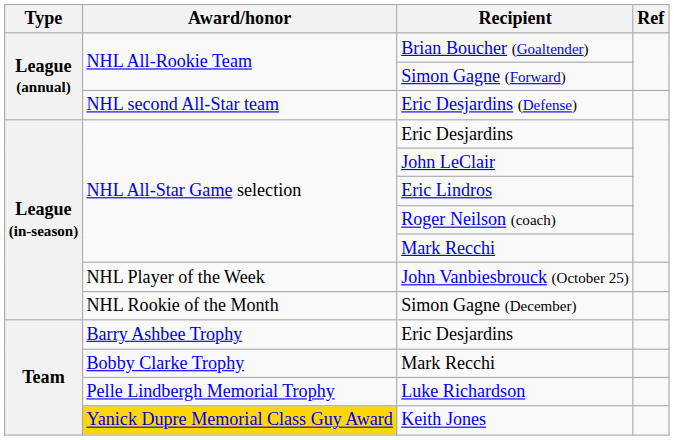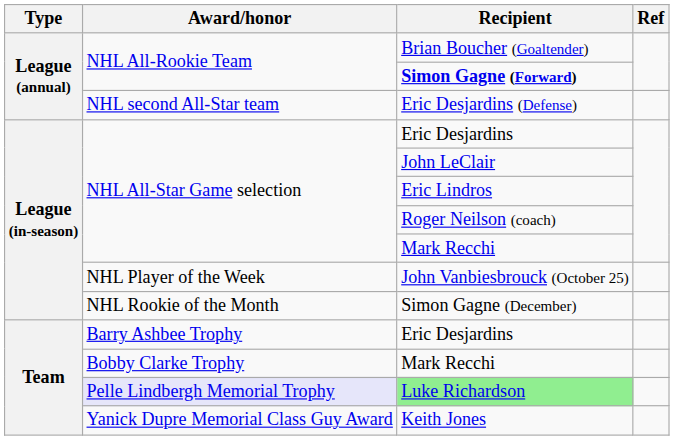 <table class="wikitable">
 <tr>
 <th scope="col">Type</th>
 <th scope="col">Award/honor</th>
 <th scope="col">Recipient</th>
 <th scope="col">Ref</th>
 </tr>
 <tr>
 <th scope="row" rowspan="3">League<br><small>(annual)</small></th>
 <td rowspan="2"><a href='#'>NHL All-Rookie Team</a></td>
 <td><a href='#'>Brian Boucher</a> <small>(<a href='#'>Goaltender</a>)</small></td>
 <td rowspan="2"></td>
 </tr>
 <tr>
-<td><a href='#'>Simon Gagne</a> <small>(<a href='#'>Forward</a>)</small></td>
+<td><strong><a href='#'>Simon Gagne</a> <small>(<a href='#'>Forward</a>)</small></strong></td>
 </tr>
 <tr>
 <td><a href='#'>NHL second All-Star team</a></td>
 <td><a href='#'>Eric Desjardins</a> <small>(<a href='#'>Defense</a>)</small></td>
 <td></td>
 </tr>
 <tr>
 <th scope="row" rowspan="7">League<br><small>(in-season)</small></th>
 <td rowspan="5"><a href='#'>NHL All-Star Game</a> selection</td>
 <td>Eric Desjardins</td>
 <td rowspan="5"></td>
 </tr>
 <tr>
 <td><a href='#'>John LeClair</a></td>
 </tr>
 <tr>
 <td><a href='#'>Eric Lindros</a></td>
 </tr>
 <tr>
 <td><a href='#'>Roger Neilson</a> <small>(coach)</small></td>
 </tr>
 <tr>
 <td><a href='#'>Mark Recchi</a></td>
 </tr>
 <tr>
 <td>NHL Player of the Week</td>
 <td><a href='#'>John Vanbiesbrouck</a> <small>(October 25)</small></td>
 <td></td>
 </tr>
 <tr>
 <td>NHL Rookie of the Month</td>
 <td>Simon Gagne <small>(December)</small></td>
 <td></td>
 </tr>
 <tr>
 <th scope="row" rowspan="4">Team</th>
 <td><a href='#'>Barry Ashbee Trophy</a></td>
 <td>Eric Desjardins</td>
 <td></td>
 </tr>
 <tr>
 <td><a href='#'>Bobby Clarke Trophy</a></td>
 <td>Mark Recchi</td>
 <td></td>
 </tr>
 <tr>
-<td><a href='#'>Pelle Lindbergh Memorial Trophy</a></td>
-<td><a href='#'>Luke Richardson</a></td>
+<td style="background: lavender;"><a href='#'>Pelle Lindbergh Memorial Trophy</a></td>
+<td style="background: lightgreen;"><a href='#'>Luke Richardson</a></td>
 <td></td>
 </tr>
 <tr>
-<td style="background: gold;"><a href='#'>Yanick Dupre Memorial Class Guy Award</a></td>
+<td><a href='#'>Yanick Dupre Memorial Class Guy Award</a></td>
 <td><a href='#'>Keith Jones</a></td>
 <td></td>
 </tr>
 </table>
